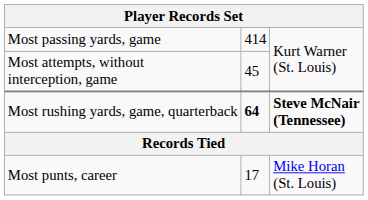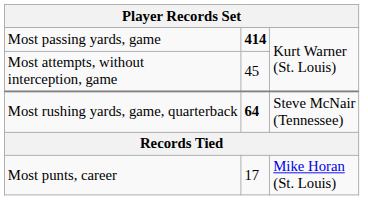 <table class="wikitable">
 <tr>
 <th colspan=3>Player Records Set</th>
 </tr>
 <tr>
 <td>Most passing yards, game</td>
-<td>414</td>
+<td><strong>414</strong></td>
 <td rowspan=2>Kurt Warner<br>(St. Louis)</td>
 </tr>
 <tr style="border-bottom: 2px solid gray">
 <td>Most attempts, without <br>interception, game</td>
 <td>45</td>
 </tr>
 <tr>
 <td>Most rushing yards, game, quarterback</td>
 <td><strong>64</strong></td>
-<td><strong>Steve McNair<br>(Tennessee)</strong></td>
+<td>Steve McNair<br>(Tennessee)</td>
 </tr>
 <tr>
 <th colspan=3>Records Tied</th>
 </tr>
 <tr>
 <td>Most punts, career</td>
 <td>17</td>
 <td><a href='#'>Mike Horan</a><br>(St. Louis)</td>
 </tr>
 </table>
